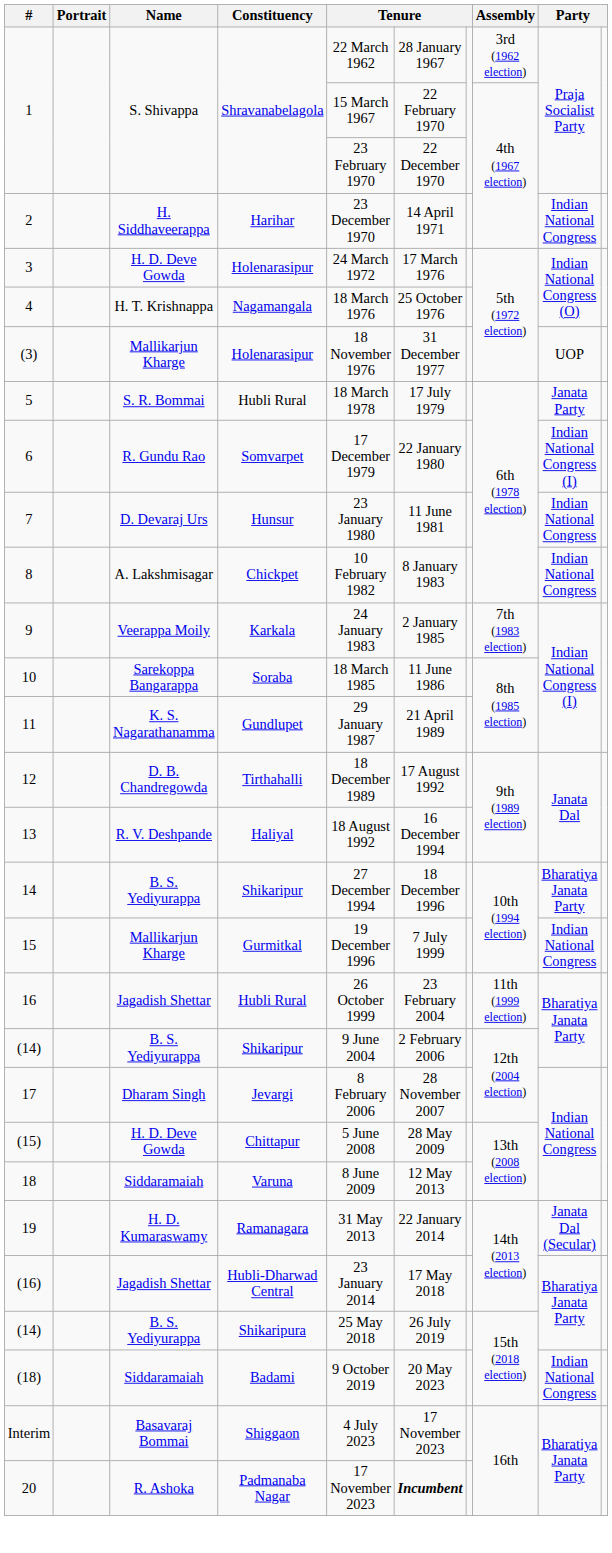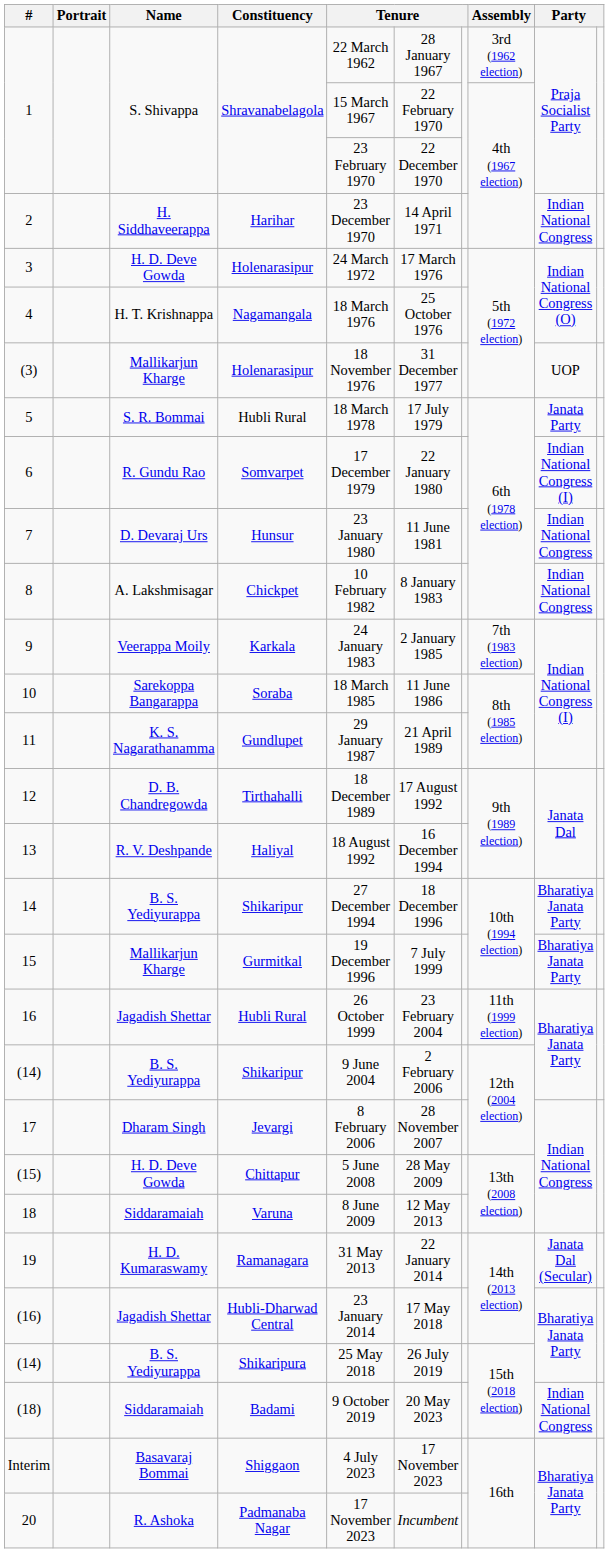 <table class="wikitable">
 <tr>
 <th>#</th>
 <th>Portrait</th>
 <th>Name</th>
 <th>Constituency</th>
 <th colspan="3">Tenure</th>
 <th>Assembly</th>
 <th colspan="2" scope="col">Party</th>
 </tr>
 <tr style="text-align:center;">
 <td rowspan="3">1</td>
 <td rowspan="3"></td>
 <td rowspan="3">S. Shivappa</td>
 <td rowspan="3"><a href='#'>Shravanabelagola</a></td>
 <td>22 March 1962</td>
 <td>28 January 1967</td>
 <td rowspan="3"></td>
 <td>3rd<br><small>(<a href='#'>1962 election</a>)</small></td>
 <td rowspan="3"><a href='#'>Praja Socialist Party</a></td>
 <td rowspan="3" style="background-color: "></td>
 </tr>
 <tr style="text-align:center;">
 <td>15 March 1967</td>
 <td>22 February 1970</td>
 <td rowspan="3">4th<br><small>(<a href='#'>1967 election</a>)</small></td>
 </tr>
 <tr style="text-align:center;">
 <td>23 February 1970</td>
 <td>22 December 1970</td>
 </tr>
 <tr style="text-align:center;">
 <td>2</td>
 <td></td>
 <td><a href='#'>H. Siddhaveerappa</a></td>
 <td><a href='#'>Harihar</a></td>
 <td>23 December 1970</td>
 <td>14 April 1971</td>
 <td></td>
 <td><a href='#'>Indian National Congress</a></td>
 <td style="background-color: "></td>
 </tr>
 <tr style="text-align:center;">
 <td>3</td>
 <td></td>
 <td><a href='#'>H. D. Deve Gowda</a></td>
 <td><a href='#'>Holenarasipur</a></td>
 <td>24 March 1972</td>
 <td>17 March 1976</td>
 <td></td>
 <td rowspan="3">5th<br><small>(<a href='#'>1972 election</a>)</small></td>
 <td rowspan="2"><a href='#'>Indian National Congress (O)</a></td>
 <td rowspan="2" style="background-color: "></td>
 </tr>
 <tr style="text-align:center;">
 <td>4</td>
 <td></td>
 <td>H. T. Krishnappa</td>
 <td><a href='#'>Nagamangala</a></td>
 <td>18 March 1976</td>
 <td>25 October 1976</td>
 <td></td>
 </tr>
 <tr style="text-align:center;">
 <td>(3)</td>
 <td></td>
 <td><a href='#'>Mallikarjun Kharge</a></td>
 <td><a href='#'>Holenarasipur</a></td>
 <td>18 November 1976</td>
 <td>31 December 1977</td>
 <td></td>
 <td>UOP</td>
 <td></td>
 </tr>
 <tr style="text-align:center;">
 <td>5</td>
 <td></td>
 <td><a href='#'>S. R. Bommai</a></td>
 <td>Hubli Rural</td>
 <td>18 March 1978</td>
 <td>17 July 1979</td>
 <td></td>
 <td rowspan="4">6th<br><small>(<a href='#'>1978 election</a>)</small></td>
 <td><a href='#'>Janata Party</a></td>
 <td style="background-color: "></td>
 </tr>
 <tr style="text-align:center;">
 <td>6</td>
 <td></td>
 <td><a href='#'>R. Gundu Rao</a></td>
 <td><a href='#'>Somvarpet</a></td>
 <td>17 December 1979</td>
 <td>22 January 1980</td>
 <td></td>
 <td><a href='#'>Indian National Congress (I)</a></td>
 <td style="background-color: "></td>
 </tr>
 <tr style="text-align:center;">
 <td>7</td>
 <td></td>
 <td><a href='#'>D. Devaraj Urs</a></td>
 <td><a href='#'>Hunsur</a></td>
 <td>23 January 1980</td>
 <td>11 June 1981</td>
 <td></td>
 <td><a href='#'>Indian National Congress</a></td>
 <td style="background-color: "></td>
 </tr>
 <tr style="text-align:center;">
 <td>8</td>
 <td></td>
 <td>A. Lakshmisagar</td>
 <td><a href='#'>Chickpet</a></td>
 <td>10 February 1982</td>
 <td>8 January 1983</td>
 <td></td>
 <td><a href='#'>Indian National Congress</a></td>
 <td style="background-color: "></td>
 </tr>
 <tr style="text-align:center;">
 <td>9</td>
 <td></td>
 <td><a href='#'>Veerappa Moily</a></td>
 <td><a href='#'>Karkala</a></td>
 <td>24 January 1983</td>
 <td>2 January 1985</td>
 <td></td>
 <td>7th<br><small>(<a href='#'>1983 election</a>)</small></td>
 <td rowspan="3"><a href='#'>Indian National Congress (I)</a></td>
 <td rowspan="3" style="background-color: "></td>
 </tr>
 <tr style="text-align:center;">
 <td>10</td>
 <td></td>
 <td><a href='#'>Sarekoppa Bangarappa</a></td>
 <td><a href='#'>Soraba</a></td>
 <td>18 March 1985</td>
 <td>11 June 1986</td>
 <td></td>
 <td rowspan="2">8th<br><small>(<a href='#'>1985 election</a>)</small></td>
 </tr>
 <tr style="text-align:center;">
 <td>11</td>
 <td></td>
 <td><a href='#'>K. S. Nagarathanamma</a></td>
 <td><a href='#'>Gundlupet</a></td>
 <td>29 January 1987</td>
 <td>21 April 1989</td>
 <td></td>
 </tr>
 <tr style="text-align:center;">
 <td>12</td>
 <td></td>
 <td><a href='#'>D. B. Chandregowda</a></td>
 <td><a href='#'>Tirthahalli</a></td>
 <td>18 December 1989</td>
 <td>17 August 1992</td>
 <td></td>
 <td rowspan="2">9th<br><small>(<a href='#'>1989 election</a>)</small></td>
 <td rowspan="2"><a href='#'>Janata Dal</a></td>
 <td rowspan="2" style="background-color: "></td>
 </tr>
 <tr style="text-align:center;">
 <td>13</td>
 <td></td>
 <td><a href='#'>R. V. Deshpande</a></td>
 <td><a href='#'>Haliyal</a></td>
 <td>18 August 1992</td>
 <td>16 December 1994</td>
 <td></td>
 </tr>
 <tr style="text-align:center;">
 <td>14</td>
 <td></td>
 <td><a href='#'>B. S. Yediyurappa</a></td>
 <td><a href='#'>Shikaripur</a></td>
 <td>27 December 1994</td>
 <td>18 December 1996</td>
 <td></td>
 <td rowspan="2">10th<br><small>(<a href='#'>1994 election</a>)</small></td>
 <td><a href='#'>Bharatiya Janata Party</a></td>
 <td style="background-color: "></td>
 </tr>
 <tr style="text-align:center;">
 <td>15</td>
 <td></td>
 <td><a href='#'>Mallikarjun Kharge</a></td>
 <td><a href='#'>Gurmitkal</a></td>
 <td>19 December 1996</td>
 <td>7 July 1999</td>
 <td></td>
-<td><a href='#'>Indian National Congress</a></td>
+<td><a href='#'>Bharatiya Janata Party</a></td>
 <td style="background-color: "></td>
 </tr>
 <tr style="text-align:center;">
 <td>16</td>
 <td></td>
 <td><a href='#'>Jagadish Shettar</a></td>
 <td><a href='#'>Hubli Rural</a></td>
 <td>26 October 1999</td>
 <td>23 February 2004</td>
 <td></td>
 <td>11th<br><small>(<a href='#'>1999 election</a>)</small></td>
 <td rowspan="2"><a href='#'>Bharatiya Janata Party</a></td>
 <td rowspan="2" style="background-color: "></td>
 </tr>
 <tr style="text-align:center;">
 <td>(14)</td>
 <td></td>
 <td><a href='#'>B. S. Yediyurappa</a></td>
 <td><a href='#'>Shikaripur</a></td>
 <td>9 June 2004</td>
 <td>2 February 2006</td>
 <td></td>
 <td rowspan="2">12th<br><small>(<a href='#'>2004 election</a>)</small></td>
 </tr>
 <tr style="text-align:center;">
 <td>17</td>
 <td></td>
 <td><a href='#'>Dharam Singh</a></td>
 <td><a href='#'>Jevargi</a></td>
 <td>8 February 2006</td>
 <td>28 November 2007</td>
 <td></td>
 <td rowspan="3"><a href='#'>Indian National Congress</a></td>
 <td rowspan="3" style="background-color: "></td>
 </tr>
 <tr style="text-align:center;">
 <td>(15)</td>
 <td></td>
 <td><a href='#'>H. D. Deve Gowda</a></td>
 <td><a href='#'>Chittapur</a></td>
 <td>5 June 2008</td>
 <td>28 May 2009</td>
 <td></td>
 <td rowspan="2">13th<br><small>(<a href='#'>2008 election</a>)</small></td>
 </tr>
 <tr style="text-align:center;">
 <td>18</td>
 <td></td>
 <td><a href='#'>Siddaramaiah</a></td>
 <td><a href='#'>Varuna</a></td>
 <td>8 June 2009</td>
 <td>12 May 2013</td>
 <td></td>
 </tr>
 <tr style="text-align:center;">
 <td>19</td>
 <td></td>
 <td><a href='#'>H. D. Kumaraswamy</a></td>
 <td><a href='#'>Ramanagara</a></td>
 <td>31 May 2013</td>
 <td>22 January 2014</td>
 <td></td>
 <td rowspan="2">14th<br><small>(<a href='#'>2013 election</a>)</small></td>
 <td><a href='#'>Janata Dal (Secular)</a></td>
 <td style="background-color: "></td>
 </tr>
 <tr style="text-align:center;">
 <td>(16)</td>
 <td></td>
 <td><a href='#'>Jagadish Shettar</a></td>
 <td><a href='#'>Hubli-Dharwad Central</a></td>
 <td>23 January 2014</td>
 <td>17 May 2018</td>
 <td></td>
 <td rowspan="2"><a href='#'>Bharatiya Janata Party</a></td>
 <td rowspan="2" style="background-color: "></td>
 </tr>
 <tr style="text-align:center;">
 <td>(14)</td>
 <td></td>
 <td><a href='#'>B. S. Yediyurappa</a></td>
 <td><a href='#'>Shikaripura</a></td>
 <td>25 May 2018</td>
 <td>26 July 2019</td>
 <td></td>
 <td rowspan="2">15th<br><small>(<a href='#'>2018 election</a>)</small></td>
 </tr>
 <tr style="text-align:center;">
 <td>(18)</td>
 <td></td>
 <td><a href='#'>Siddaramaiah</a></td>
 <td><a href='#'>Badami</a></td>
 <td>9 October 2019</td>
 <td>20 May 2023</td>
 <td></td>
 <td><a href='#'>Indian National Congress</a></td>
 <td style="background-color: "></td>
 </tr>
 <tr style="text-align:center;">
 <td>Interim</td>
 <td></td>
 <td><a href='#'>Basavaraj Bommai</a></td>
 <td><a href='#'>Shiggaon</a></td>
 <td>4 July 2023</td>
 <td>17 November 2023</td>
 <td></td>
 <td rowspan=2>16th<br></td>
 <td rowspan=2><a href='#'>Bharatiya Janata Party</a></td>
 <td rowspan=2 style="background-color: "></td>
 </tr>
 <tr style="text-align:center;">
 <td>20</td>
 <td></td>
 <td><a href='#'>R. Ashoka</a></td>
 <td><a href='#'>Padmanaba Nagar</a></td>
 <td>17 November 2023</td>
-<td><strong><em>Incumbent</em></strong></td>
+<td><em>Incumbent</em></td>
 <td></td>
 </tr>
 </table>
